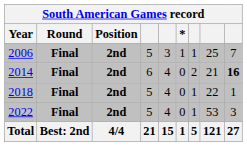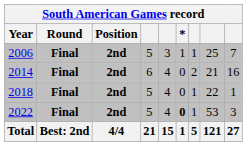 <table class="wikitable" style="text-align: center;">
 <tr>
 <th colspan=10><a href='#'>South American Games</a> record</th>
 </tr>
 <tr>
 <th>Year</th>
 <th>Round</th>
 <th>Position</th>
 <th></th>
 <th></th>
 <th>*</th>
 <th></th>
 <th></th>
 <th></th>
 </tr>
 <tr bgcolor=silver>
 <td> <a href='#'>2006</a></td>
 <td><strong>Final</strong></td>
 <td><strong>2nd</strong></td>
 <td>5</td>
 <td>3</td>
 <td>1</td>
 <td>1</td>
 <td>25</td>
 <td>7</td>
 </tr>
 <tr bgcolor=silver>
 <td> <a href='#'>2014</a></td>
 <td><strong>Final</strong></td>
 <td><strong>2nd</strong></td>
 <td>6</td>
 <td>4</td>
 <td>0</td>
 <td>2</td>
 <td>21</td>
-<td><strong>16</strong></td>
+<td>16</td>
 </tr>
 <tr bgcolor=silver>
 <td> <a href='#'>2018</a></td>
 <td><strong>Final</strong></td>
 <td><strong>2nd</strong></td>
 <td>5</td>
 <td>4</td>
 <td>0</td>
 <td>1</td>
 <td>22</td>
 <td>1</td>
 </tr>
 <tr bgcolor=silver>
 <td> <a href='#'>2022</a></td>
 <td><strong>Final</strong></td>
 <td><strong>2nd</strong></td>
 <td>5</td>
 <td>4</td>
-<td>0</td>
+<td><strong>0</strong></td>
 <td>1</td>
 <td>53</td>
 <td>3</td>
 </tr>
 <tr>
 <th>Total</th>
 <th>Best: 2nd</th>
 <th>4/4</th>
 <th>21</th>
 <th>15</th>
 <th>1</th>
 <th>5</th>
 <th>121</th>
 <th>27</th>
 </tr>
 </table>
